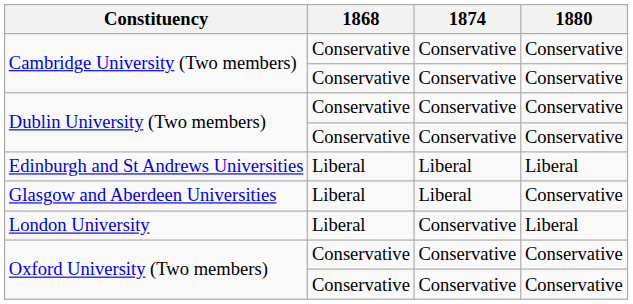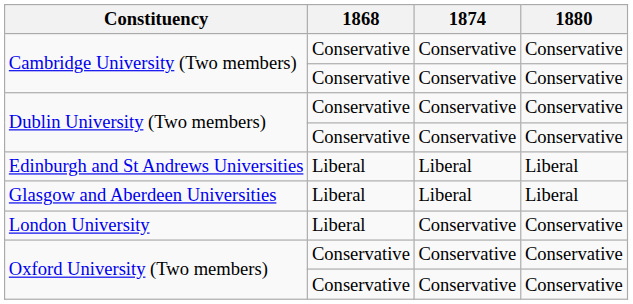 <table class="wikitable">
 <tr>
 <th>Constituency</th>
 <th>1868</th>
 <th>1874</th>
 <th>1880</th>
 </tr>
 <tr>
 <td rowspan="2"><a href='#'>Cambridge University</a> (Two members)</td>
 <td>Conservative</td>
 <td>Conservative</td>
 <td>Conservative</td>
 </tr>
 <tr>
 <td>Conservative</td>
 <td>Conservative</td>
 <td>Conservative</td>
 </tr>
 <tr>
 <td rowspan="2"><a href='#'>Dublin University</a> (Two members)</td>
 <td>Conservative</td>
 <td>Conservative</td>
 <td>Conservative</td>
 </tr>
 <tr>
 <td>Conservative</td>
 <td>Conservative</td>
 <td>Conservative</td>
 </tr>
 <tr>
 <td><a href='#'>Edinburgh and St Andrews Universities</a></td>
 <td>Liberal</td>
 <td>Liberal</td>
 <td>Liberal</td>
 </tr>
 <tr>
 <td><a href='#'>Glasgow and Aberdeen Universities</a></td>
 <td>Liberal</td>
 <td>Liberal</td>
-<td>Conservative</td>
+<td>Liberal</td>
 </tr>
 <tr>
 <td><a href='#'>London University</a></td>
 <td>Liberal</td>
 <td>Conservative</td>
-<td>Liberal</td>
+<td>Conservative</td>
 </tr>
 <tr>
 <td rowspan="2"><a href='#'>Oxford University</a> (Two members)</td>
 <td>Conservative</td>
 <td>Conservative</td>
 <td>Conservative</td>
 </tr>
 <tr>
 <td>Conservative</td>
 <td>Conservative</td>
 <td>Conservative</td>
 </tr>
 </table>
